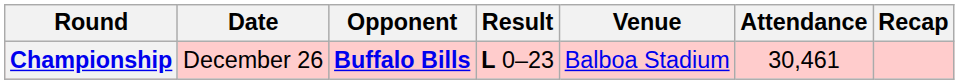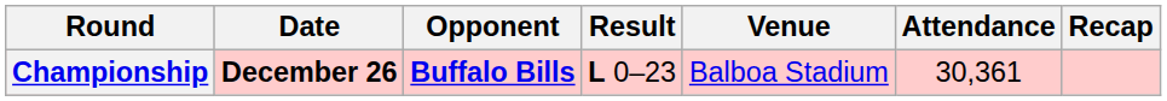 <table class="wikitable" style="text-align:center">
 <tr>
 <th>Round</th>
 <th>Date</th>
 <th>Opponent</th>
 <th>Result</th>
 <th>Venue</th>
 <th>Attendance</th>
 <th>Recap</th>
 </tr>
 <tr style="background:#fcc">
 <th><a href='#'>Championship</a></th>
-<td>December 26</td>
+<td><strong>December 26</strong></td>
 <td><strong><a href='#'>Buffalo Bills</a></strong></td>
 <td><strong>L</strong> 0–23</td>
 <td><a href='#'>Balboa Stadium</a></td>
-<td>30,461</td>
+<td>30,361</td>
 <td></td>
 </tr>
 </table>
